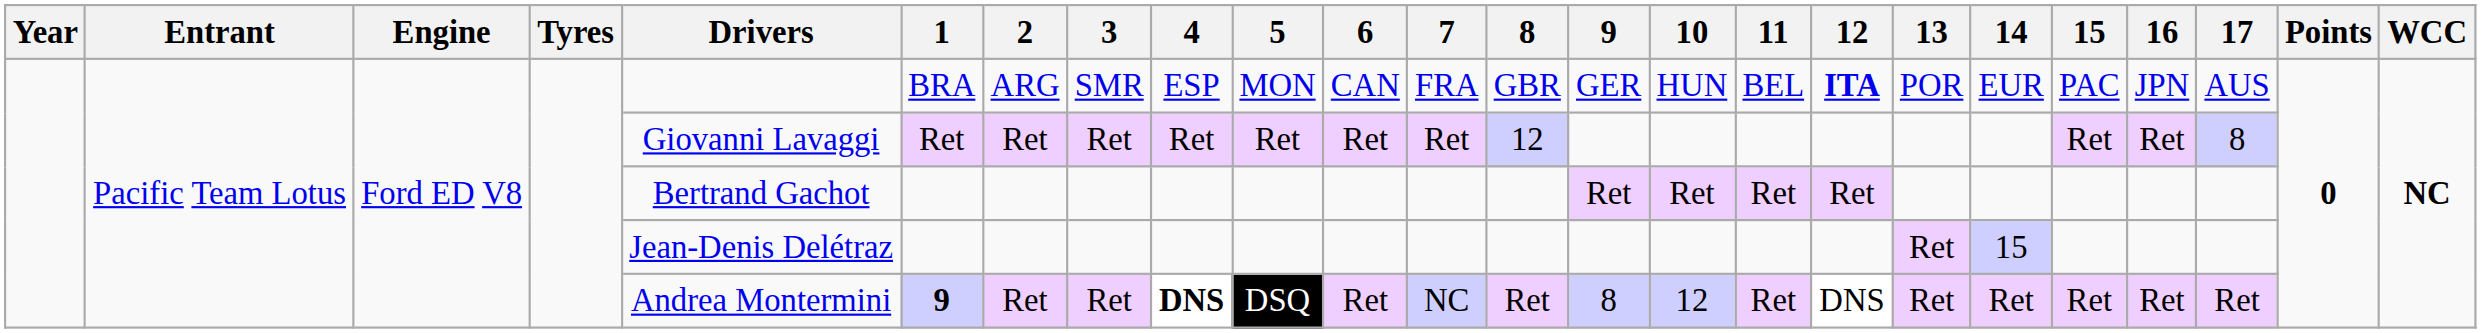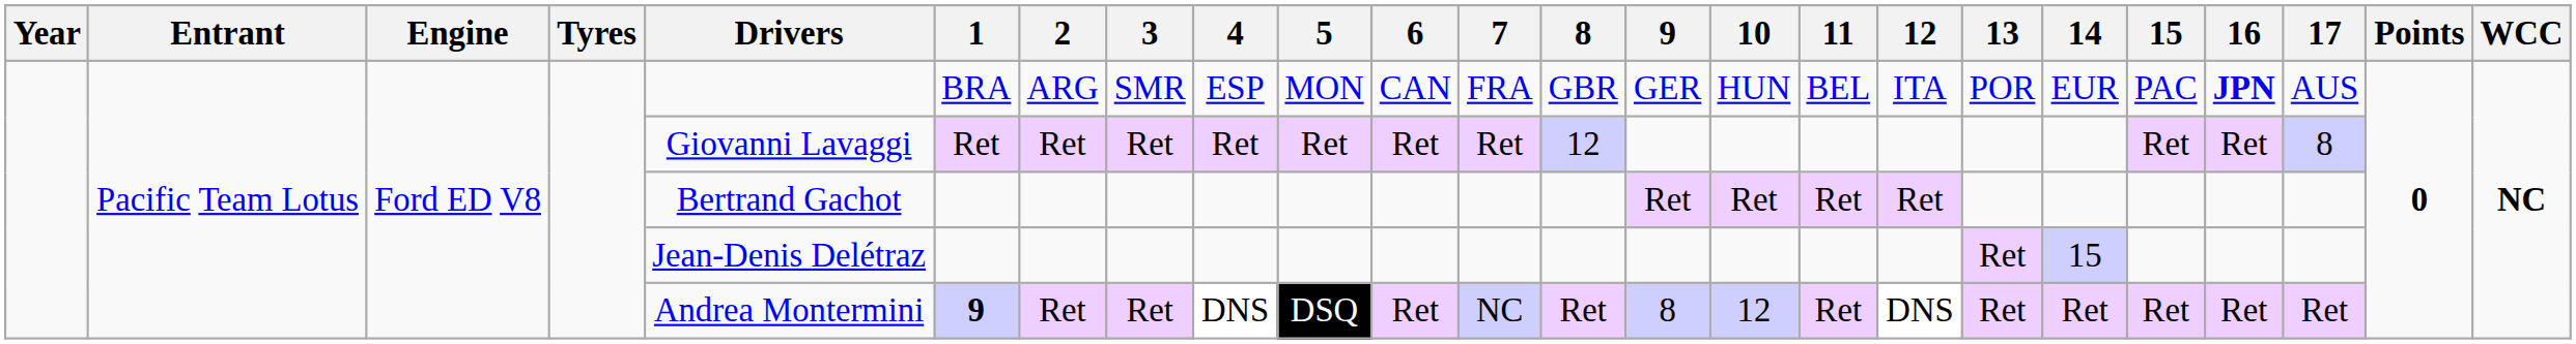 <table class="wikitable" style="text-align:center; font-size:95%">
 <tr>
 <th>Year</th>
 <th>Entrant</th>
 <th>Engine</th>
 <th>Tyres</th>
 <th>Drivers</th>
 <th>1</th>
 <th>2</th>
 <th>3</th>
 <th>4</th>
 <th>5</th>
 <th>6</th>
 <th>7</th>
 <th>8</th>
 <th>9</th>
 <th>10</th>
 <th>11</th>
 <th>12</th>
 <th>13</th>
 <th>14</th>
 <th>15</th>
 <th>16</th>
 <th>17</th>
 <th>Points</th>
 <th>WCC</th>
 </tr>
 <tr>
 <td rowspan="5"></td>
 <td rowspan="5"><a href='#'>Pacific</a> <a href='#'>Team Lotus</a></td>
 <td rowspan="5"><a href='#'>Ford ED</a> <a href='#'>V8</a></td>
 <td rowspan="5"></td>
 <td></td>
 <td><a href='#'>BRA</a></td>
 <td><a href='#'>ARG</a></td>
 <td><a href='#'>SMR</a></td>
 <td><a href='#'>ESP</a></td>
 <td><a href='#'>MON</a></td>
 <td><a href='#'>CAN</a></td>
 <td><a href='#'>FRA</a></td>
 <td><a href='#'>GBR</a></td>
 <td><a href='#'>GER</a></td>
 <td><a href='#'>HUN</a></td>
 <td><a href='#'>BEL</a></td>
-<td><strong><a href='#'>ITA</a></strong></td>
+<td><a href='#'>ITA</a></td>
 <td><a href='#'>POR</a></td>
 <td><a href='#'>EUR</a></td>
 <td><a href='#'>PAC</a></td>
-<td><a href='#'>JPN</a></td>
+<td><strong><a href='#'>JPN</a></strong></td>
 <td><a href='#'>AUS</a></td>
 <td rowspan="5"><strong>0</strong></td>
 <td rowspan="5"><strong>NC</strong></td>
 </tr>
 <tr>
 <td><a href='#'>Giovanni Lavaggi</a></td>
 <td style="background:#EFCFFF;">Ret</td>
 <td style="background:#EFCFFF;">Ret</td>
 <td style="background:#EFCFFF;">Ret</td>
 <td style="background:#EFCFFF;">Ret</td>
 <td style="background:#EFCFFF;">Ret</td>
 <td style="background:#EFCFFF;">Ret</td>
 <td style="background:#EFCFFF;">Ret</td>
 <td style="background:#CFCFFF;">12</td>
 <td></td>
 <td></td>
 <td></td>
 <td></td>
 <td></td>
 <td></td>
 <td style="background:#EFCFFF;">Ret</td>
 <td style="background:#EFCFFF;">Ret</td>
 <td style="background:#CFCFFF;">8</td>
 </tr>
 <tr>
 <td><a href='#'>Bertrand Gachot</a></td>
 <td></td>
 <td></td>
 <td></td>
 <td></td>
 <td></td>
 <td></td>
 <td></td>
 <td></td>
 <td style="background:#EFCFFF;">Ret</td>
 <td style="background:#EFCFFF;">Ret</td>
 <td style="background:#EFCFFF;">Ret</td>
 <td style="background:#EFCFFF;">Ret</td>
 <td></td>
 <td></td>
 <td></td>
 <td></td>
 <td></td>
 </tr>
 <tr>
 <td><a href='#'>Jean-Denis Delétraz</a></td>
 <td></td>
 <td></td>
 <td></td>
 <td></td>
 <td></td>
 <td></td>
 <td></td>
 <td></td>
 <td></td>
 <td></td>
 <td></td>
 <td></td>
 <td style="background:#EFCFFF;">Ret</td>
 <td style="background:#CFCFFF;">15</td>
 <td></td>
 <td></td>
 <td></td>
 </tr>
 <tr>
 <td><a href='#'>Andrea Montermini</a></td>
 <td style="background:#CFCFFF;"><strong>9</strong></td>
 <td style="background:#EFCFFF;">Ret</td>
 <td style="background:#EFCFFF;">Ret</td>
-<td style="background:#FFFFFF;"><strong>DNS</strong></td>
+<td style="background:#FFFFFF;">DNS</td>
 <td style="background:#000000; color:white">DSQ</td>
 <td style="background:#EFCFFF;">Ret</td>
 <td style="background:#CFCFFF;">NC</td>
 <td style="background:#EFCFFF;">Ret</td>
 <td style="background:#CFCFFF;">8</td>
 <td style="background:#CFCFFF;">12</td>
 <td style="background:#EFCFFF;">Ret</td>
 <td style="background:#FFFFFF;">DNS</td>
 <td style="background:#EFCFFF;">Ret</td>
 <td style="background:#EFCFFF;">Ret</td>
 <td style="background:#EFCFFF;">Ret</td>
 <td style="background:#EFCFFF;">Ret</td>
 <td style="background:#EFCFFF;">Ret</td>
 </tr>
 </table>
